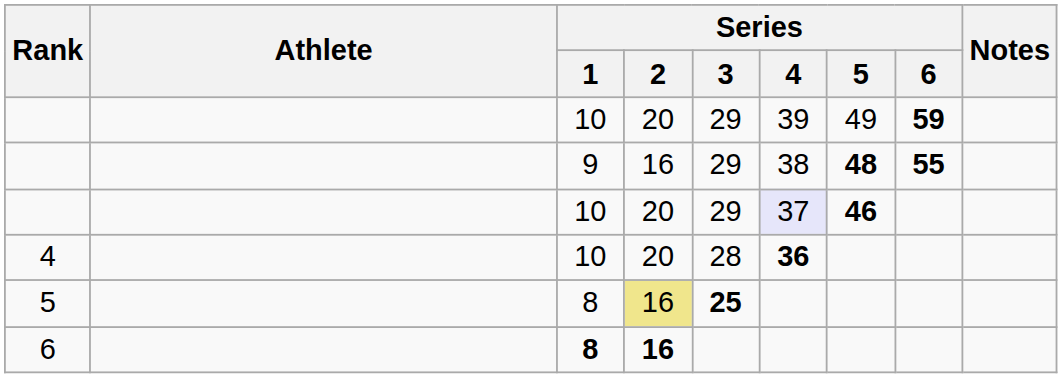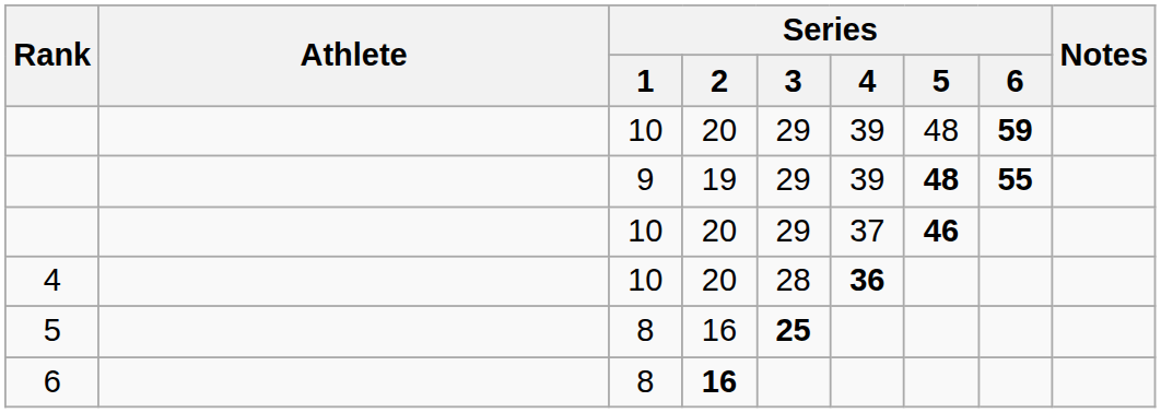 <table class="wikitable" style="text-align:center">
 <tr>
 <th rowspan=2 width=40>Rank</th>
 <th rowspan=2 width=250>Athlete</th>
 <th colspan=6>Series</th>
 <th rowspan=2 width=45>Notes</th>
 </tr>
 <tr>
 <th width=30>1</th>
 <th width=30>2</th>
 <th width=30>3</th>
 <th width=30>4</th>
 <th width=30>5</th>
 <th width=30>6</th>
 </tr>
 <tr>
 <td></td>
 <td align=left></td>
 <td>10</td>
 <td>20</td>
 <td>29</td>
 <td>39</td>
-<td>49</td>
+<td>48</td>
 <td><strong>59</strong></td>
 <td></td>
 </tr>
 <tr>
 <td></td>
 <td align=left></td>
 <td>9</td>
-<td>16</td>
+<td>19</td>
 <td>29</td>
-<td>38</td>
+<td>39</td>
 <td><strong>48</strong></td>
 <td><strong>55</strong></td>
 <td></td>
 </tr>
 <tr>
 <td></td>
 <td align=left></td>
 <td>10</td>
 <td>20</td>
 <td>29</td>
-<td style="background: lavender;">37</td>
+<td>37</td>
 <td><strong>46</strong></td>
 <td></td>
 <td></td>
 </tr>
 <tr>
 <td>4</td>
 <td align=left></td>
 <td>10</td>
 <td>20</td>
 <td>28</td>
 <td><strong>36</strong></td>
 <td></td>
 <td></td>
 <td></td>
 </tr>
 <tr>
 <td>5</td>
 <td align=left></td>
 <td>8</td>
-<td style="background: khaki;">16</td>
+<td>16</td>
 <td><strong>25</strong></td>
 <td></td>
 <td></td>
 <td></td>
 <td></td>
 </tr>
 <tr>
 <td>6</td>
 <td align=left></td>
-<td><strong>8</strong></td>
+<td>8</td>
 <td><strong>16</strong></td>
 <td></td>
 <td></td>
 <td></td>
 <td></td>
 <td></td>
 </tr>
 </table>
